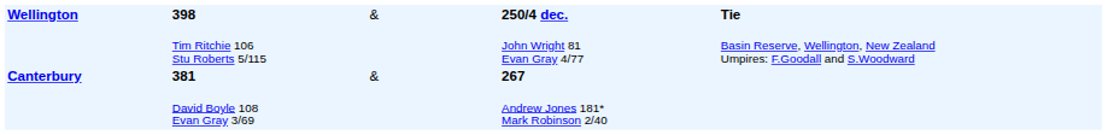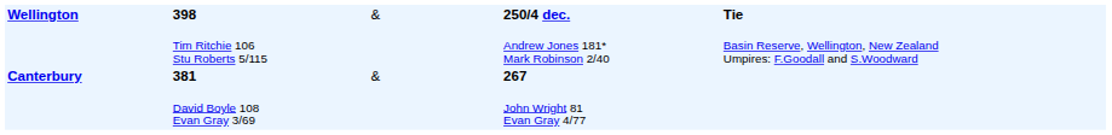 <table width="100%" style="background: #EBF5FF">
 <tr>
 <td width="15%" valign="top" rowspan="2"><strong><a href='#'>Wellington</a></strong></td>
 <td width="18%"><strong>398</strong></td>
 <td width="12%">&</td>
 <td width="20%"><strong>250/4 <a href='#'>dec.</a></strong></td>
 <td width="35%"><strong>Tie</strong></td>
 </tr>
 <tr>
 <td style="font-size: 85%;" valign="top"><br><a href='#'>Tim Ritchie</a> 106<br> <a href='#'>Stu Roberts</a> 5/115</td>
 <td></td>
-<td valign="top" style="font-size: 85%;"><br><a href='#'>John Wright</a> 81<br> <a href='#'>Evan Gray</a> 4/77</td>
+<td style="font-size: 85%;"><br><a href='#'>Andrew Jones</a> 181*<br> <a href='#'>Mark Robinson</a> 2/40</td>
 <td valign="top" style="font-size: 85%;" rowspan="3"><br><a href='#'>Basin Reserve</a>, <a href='#'>Wellington</a>, <a href='#'>New Zealand</a><br> Umpires: <a href='#'>F.Goodall</a> and <a href='#'>S.Woodward</a></td>
 </tr>
 <tr>
 <td valign="top" rowspan="2"><strong><a href='#'>Canterbury</a></strong></td>
 <td><strong>381</strong></td>
 <td>&</td>
 <td><strong>267</strong></td>
 </tr>
 <tr>
 <td style="font-size: 85%;"><br><a href='#'>David Boyle</a> 108<br> <a href='#'>Evan Gray</a> 3/69</td>
 <td></td>
-<td style="font-size: 85%;"><br><a href='#'>Andrew Jones</a> 181*<br> <a href='#'>Mark Robinson</a> 2/40</td>
+<td valign="top" style="font-size: 85%;"><br><a href='#'>John Wright</a> 81<br> <a href='#'>Evan Gray</a> 4/77</td>
 </tr>
 </table>
